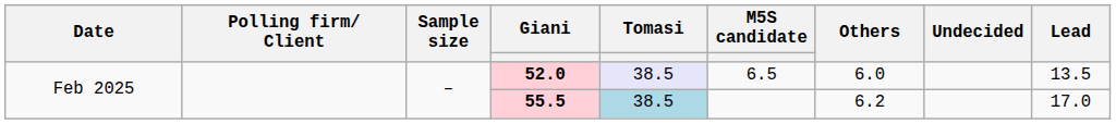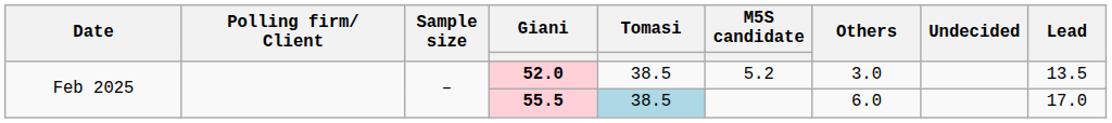 <table class="wikitable collapsible collapsed" style="text-align:center;font-size:85%;line-height:13px">
 <tr style="height:30px; background-color:#E9E9E9">
 <th style="width:110px;" rowspan="2">Date</th>
 <th style="width:140px;" rowspan="2">Polling firm/<br>Client</th>
 <th style="width:50px;" rowspan="2">Sample size</th>
 <th style="width:65px;">Giani</th>
 <th style="width:65px;">Tomasi</th>
 <th style="width:65px;">M5S candidate</th>
 <th style="width:65px;" rowspan="2">Others</th>
 <th style="width:65px;" rowspan="2">Undecided</th>
 <th style="width:45px;" rowspan="2">Lead</th>
 </tr>
 <tr>
 <th style="background:"></th>
 <th style="background:"></th>
 <th style="background:"></th>
 </tr>
 <tr>
 <td rowspan="3">Feb 2025</td>
 <td rowspan="3"></td>
 <td rowspan="3">–</td>
 <td style="background:#FFD0D7"><strong>52.0</strong></td>
-<td style="background: lavender;">38.5</td>
-<td>6.5</td>
-<td>6.0</td>
+<td>38.5</td>
+<td>5.2</td>
+<td>3.0</td>
 <td></td>
 <td style="background:">13.5</td>
 </tr>
 <tr>
 <td style="background:#FFD0D7"><strong>55.5</strong></td>
 <td style="background: lightblue;">38.5</td>
 <td></td>
-<td>6.2</td>
+<td>6.0</td>
 <td></td>
 <td style="background:">17.0</td>
 </tr>
 </table>
